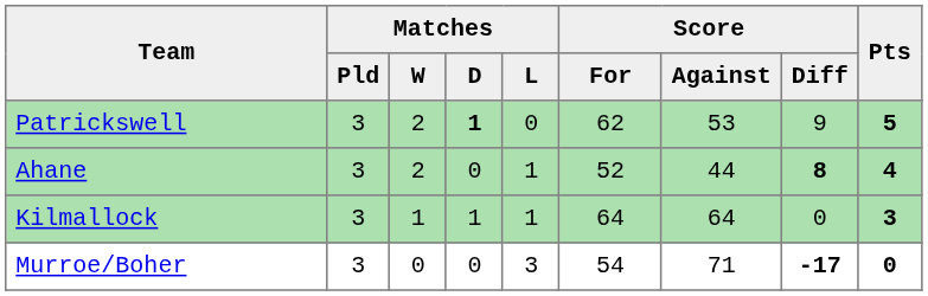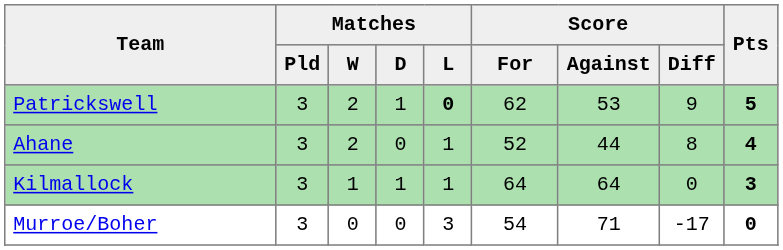 <table style=border-collapse:collapse border=1 cellspacing=0 cellpadding=5>
 <tr align=center bgcolor=#efefef>
 <th rowspan=2 width=165>Team</th>
 <th colspan=4>Matches</th>
 <th colspan=3>Score</th>
 <th rowspan=2width=20>Pts</th>
 </tr>
 <tr align=center bgcolor=#efefef>
 <th width=20>Pld</th>
 <th width=20>W</th>
 <th width=20>D</th>
 <th width=20>L</th>
 <th width=45>For</th>
 <th width=45>Against</th>
 <th width=30>Diff</th>
 </tr>
 <tr align=center style="background:#ACE1AF;">
 <td style="text-align:left;"><a href='#'>Patrickswell</a></td>
 <td>3</td>
 <td>2</td>
-<td><strong>1</strong></td>
-<td>0</td>
+<td>1</td>
+<td><strong>0</strong></td>
 <td>62</td>
 <td>53</td>
 <td>9</td>
 <td><strong>5</strong></td>
 </tr>
 <tr align=center style="background:#ACE1AF;">
 <td style="text-align:left;"><a href='#'>Ahane</a></td>
 <td>3</td>
 <td>2</td>
 <td>0</td>
 <td>1</td>
 <td>52</td>
 <td>44</td>
-<td><strong>8</strong></td>
+<td>8</td>
 <td><strong>4</strong></td>
 </tr>
 <tr align=center style="background:#ACE1AF;">
 <td style="text-align:left;"><a href='#'>Kilmallock</a></td>
 <td>3</td>
 <td>1</td>
 <td>1</td>
 <td>1</td>
 <td>64</td>
 <td>64</td>
 <td>0</td>
 <td><strong>3</strong></td>
 </tr>
 <tr align=center>
 <td style="text-align:left;"><a href='#'>Murroe/Boher</a></td>
 <td>3</td>
 <td>0</td>
 <td>0</td>
 <td>3</td>
 <td>54</td>
 <td>71</td>
-<td><strong>-17</strong></td>
+<td>-17</td>
 <td><strong>0</strong></td>
 </tr>
 </table>
